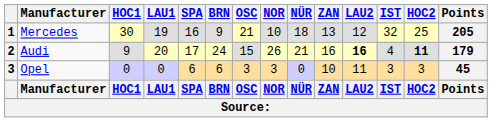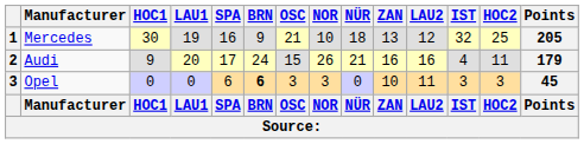 <table class="wikitable" style="font-size:85%; text-align:center">
 <tr style="background:#f9f9f9" valign="top">
 <th valign="middle"></th>
 <th valign="middle">Manufacturer</th>
 <th><a href='#'>HOC1</a><br></th>
 <th><a href='#'>LAU1</a><br></th>
 <th><a href='#'>SPA</a><br></th>
 <th><a href='#'>BRN</a><br></th>
 <th><a href='#'>OSC</a><br></th>
 <th><a href='#'>NOR</a><br></th>
 <th><a href='#'>NÜR</a><br></th>
 <th><a href='#'>ZAN</a><br></th>
 <th><a href='#'>LAU2</a><br></th>
 <th><a href='#'>IST</a><br></th>
 <th><a href='#'>HOC2</a><br></th>
 <th valign="middle">Points</th>
 </tr>
 <tr>
 <th>1</th>
 <td align="left"><a href='#'>Mercedes</a></td>
 <td style="background:#FFFFBF;">30</td>
 <td style="background:#DFDFDF;">19</td>
 <td style="background:#DFDFDF;">16</td>
 <td style="background:#DFDFDF;">9</td>
 <td style="background:#FFFFBF;">21</td>
 <td style="background:#DFDFDF;">10</td>
 <td style="background:#DFDFDF;">18</td>
 <td style="background:#DFDFDF;">13</td>
 <td style="background:#DFDFDF;">12</td>
 <td style="background:#FFFFBF;">32</td>
 <td style="background:#FFFFBF;">25</td>
 <th>205</th>
 </tr>
 <tr>
 <th>2</th>
 <td align="left"><a href='#'>Audi</a></td>
 <td style="background:#DFDFDF;">9</td>
 <td style="background:#FFFFBF;">20</td>
 <td style="background:#FFFFBF;">17</td>
 <td style="background:#FFFFBF;">24</td>
 <td style="background:#DFDFDF;">15</td>
 <td style="background:#FFFFBF;">26</td>
 <td style="background:#FFFFBF;">21</td>
 <td style="background:#FFFFBF;">16</td>
-<td style="background:#FFFFBF;"><strong>16</strong></td>
+<td style="background:#FFFFBF;">16</td>
 <td style="background:#DFDFDF;">4</td>
-<td style="background:#DFDFDF;"><strong>11</strong></td>
+<td style="background:#DFDFDF;">11</td>
 <th>179</th>
 </tr>
 <tr>
 <th>3</th>
 <td align="left"><a href='#'>Opel</a></td>
 <td style="background:#CFCFFF;">0</td>
 <td style="background:#CFCFFF;">0</td>
 <td style="background:#FFDF9F;">6</td>
-<td style="background:#FFDF9F;">6</td>
+<td style="background:#FFDF9F;"><strong>6</strong></td>
 <td style="background:#FFDF9F;">3</td>
 <td style="background:#FFDF9F;">3</td>
 <td style="background:#CFCFFF;">0</td>
 <td style="background:#FFDF9F;">10</td>
 <td style="background:#FFDF9F;">11</td>
 <td style="background:#FFDF9F;">3</td>
 <td style="background:#FFDF9F;">3</td>
 <th>45</th>
 </tr>
 <tr>
 <th valign="middle"></th>
 <th valign="middle">Manufacturer</th>
 <th><a href='#'>HOC1</a><br></th>
 <th><a href='#'>LAU1</a><br></th>
 <th><a href='#'>SPA</a><br></th>
 <th><a href='#'>BRN</a><br></th>
 <th><a href='#'>OSC</a><br></th>
 <th><a href='#'>NOR</a><br></th>
 <th><a href='#'>NÜR</a><br></th>
 <th><a href='#'>ZAN</a><br></th>
 <th><a href='#'>LAU2</a><br></th>
 <th><a href='#'>IST</a><br></th>
 <th><a href='#'>HOC2</a><br></th>
 <th valign="middle">Points</th>
 </tr>
 <tr>
 <th colspan="14">Source:</th>
 </tr>
 </table>
